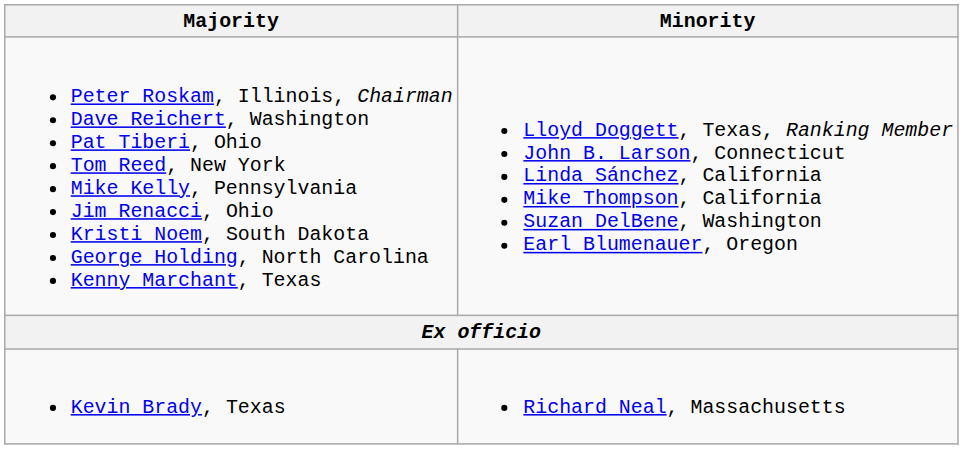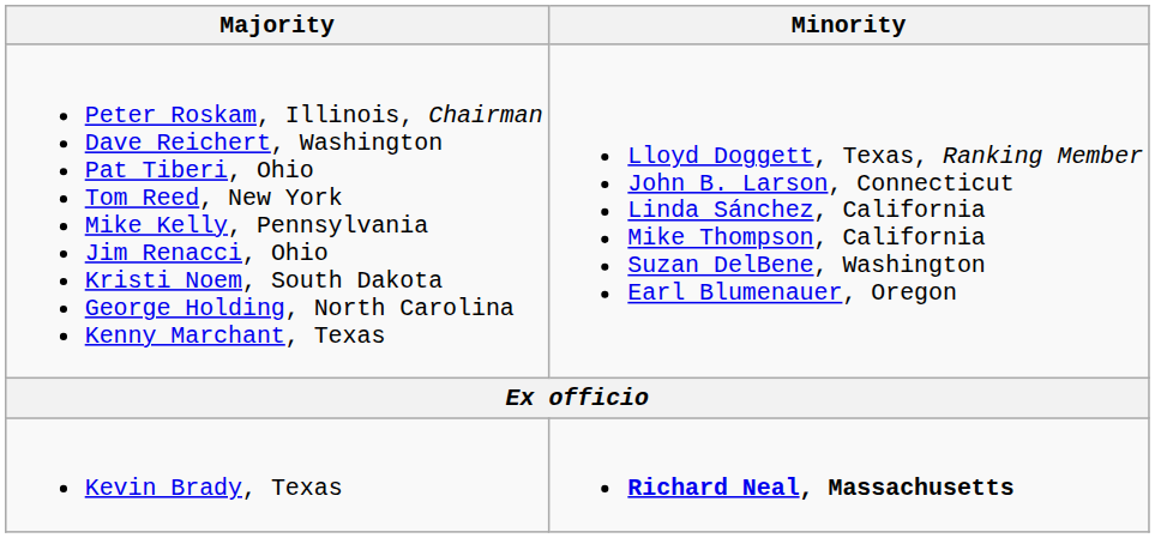 <table class=wikitable>
 <tr>
 <th>Majority</th>
 <th>Minority</th>
 </tr>
 <tr>
 <td><br><ul><li><a href='#'>Peter Roskam</a>, Illinois, <em>Chairman</em></li><li><a href='#'>Dave Reichert</a>, Washington</li><li><a href='#'>Pat Tiberi</a>, Ohio</li><li><a href='#'>Tom Reed</a>, New York</li><li><a href='#'>Mike Kelly</a>, Pennsylvania</li><li><a href='#'>Jim Renacci</a>, Ohio</li><li><a href='#'>Kristi Noem</a>, South Dakota</li><li><a href='#'>George Holding</a>, North Carolina</li><li><a href='#'>Kenny Marchant</a>, Texas</li></ul></td>
 <td><br><ul><li><a href='#'>Lloyd Doggett</a>, Texas, <em>Ranking Member</em></li><li><a href='#'>John B. Larson</a>, Connecticut</li><li><a href='#'>Linda Sánchez</a>, California</li><li><a href='#'>Mike Thompson</a>, California</li><li><a href='#'>Suzan DelBene</a>, Washington</li><li><a href='#'>Earl Blumenauer</a>, Oregon</li></ul></td>
 </tr>
 <tr>
 <th colspan=2><em>Ex officio</em></th>
 </tr>
 <tr>
 <td><br><ul><li><a href='#'>Kevin Brady</a>, Texas</li></ul></td>
-<td><br><ul><li><a href='#'>Richard Neal</a>, Massachusetts</li></ul></td>
+<td><strong><br><ul><li><a href='#'>Richard Neal</a>, Massachusetts</li></ul></strong></td>
 </tr>
 </table>
